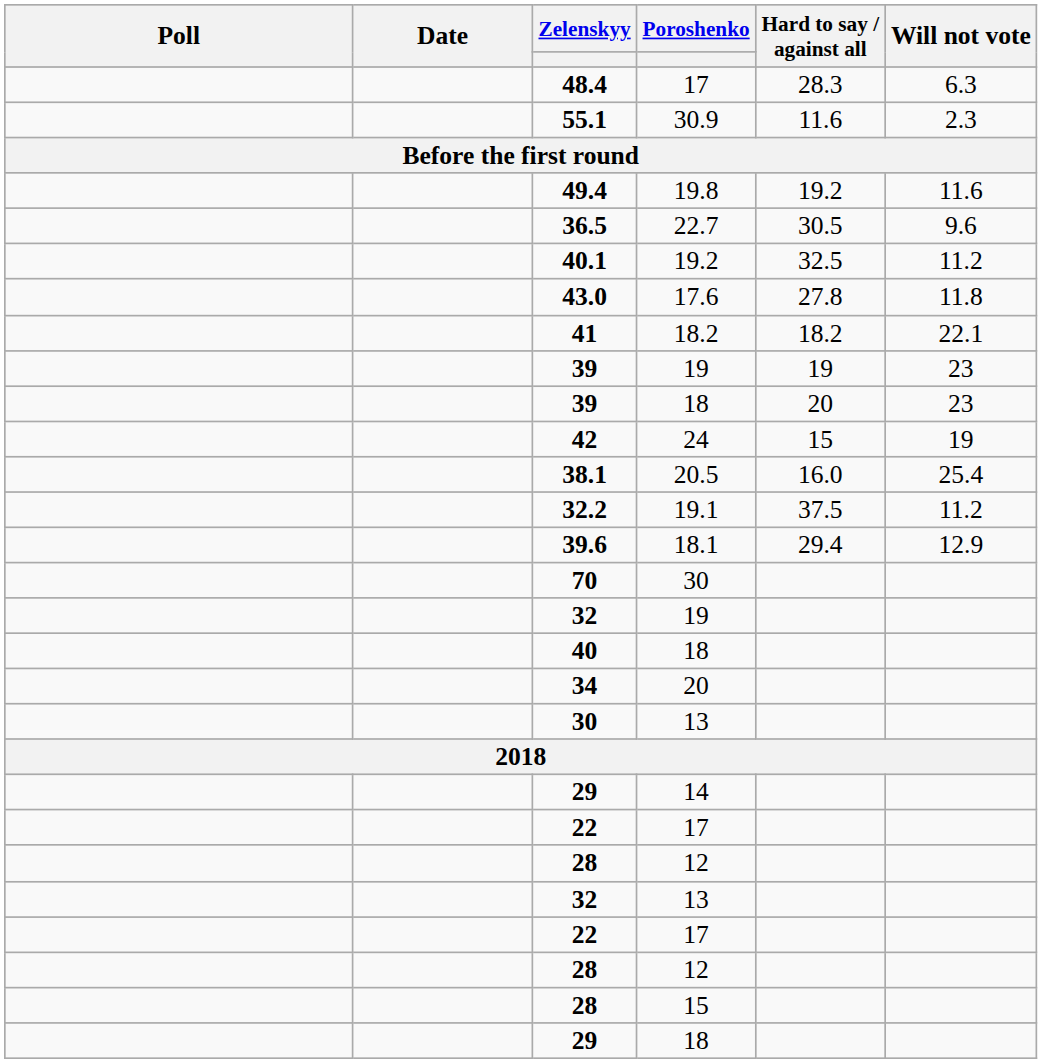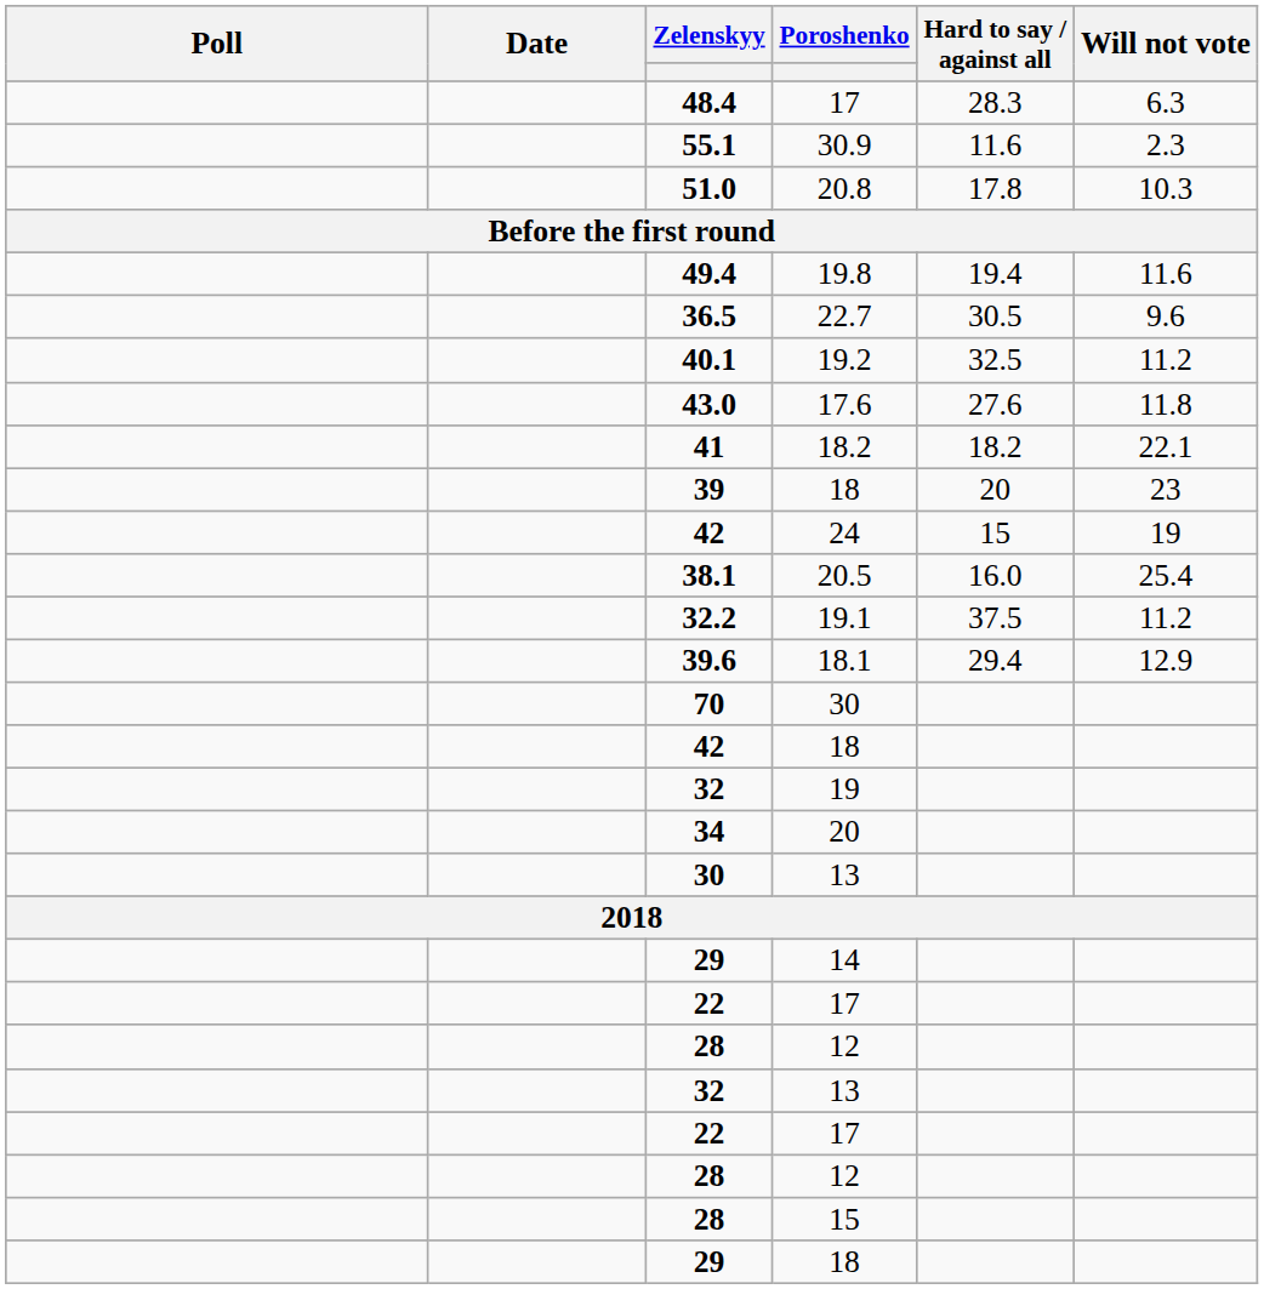 <table class="wikitable" style="text-align:center;font-size:95%;line-height:14px;">
 <tr>
 <th rowspan=2 style="width:200px;">Poll</th>
 <th rowspan=2 style="width:100px;">Date</th>
 <th><small><a href='#'>Zelenskyy</a></small><br></th>
 <th> <small><a href='#'>Poroshenko</a></small><br></th>
 <th rowspan=2><small>Hard to say /</small><br><small>against all</small></th>
 <th rowspan=2>Will not vote</th>
 </tr>
 <tr>
 <th style="background:"></th>
 <th style="background:"></th>
 </tr>
 <tr>
 <td></td>
 <td></td>
 <td style="background-color:#"><strong>48.4</strong></td>
 <td>17</td>
 <td>28.3</td>
 <td>6.3</td>
 </tr>
 <tr>
 <td></td>
 <td></td>
 <td style="background-color:#"><strong>55.1</strong></td>
 <td>30.9</td>
 <td>11.6</td>
 <td>2.3</td>
 </tr>
 <tr>
+<td></td>
+<td></td>
+<td style="background-color:#"><strong>51.0</strong></td>
+<td>20.8</td>
+<td>17.8</td>
+<td>10.3</td>
+</tr>
+<tr>
 <th colspan="6">Before the first round</th>
 </tr>
 <tr>
 <td></td>
 <td></td>
 <td style="background-color:#"><strong>49.4</strong></td>
 <td>19.8</td>
-<td>19.2</td>
+<td>19.4</td>
 <td>11.6</td>
 </tr>
 <tr>
 <td></td>
 <td></td>
 <td style="background-color:#"><strong>36.5</strong></td>
 <td>22.7</td>
 <td>30.5</td>
 <td>9.6</td>
 </tr>
 <tr>
 <td></td>
 <td></td>
 <td style="background-color:#"><strong>40.1</strong></td>
 <td>19.2</td>
 <td>32.5</td>
 <td>11.2</td>
 </tr>
 <tr>
 <td></td>
 <td></td>
 <td style="background-color:#"><strong>43.0</strong></td>
 <td>17.6</td>
-<td>27.8</td>
+<td>27.6</td>
 <td>11.8</td>
 </tr>
 <tr>
 <td> </td>
 <td></td>
 <td style="background-color:#"><strong>41</strong></td>
 <td>18.2</td>
 <td>18.2</td>
 <td>22.1</td>
-</tr>
-<tr>
-<td></td>
-<td></td>
-<td style="background-color:#"><strong>39</strong></td>
-<td>19</td>
-<td>19</td>
-<td>23</td>
 </tr>
 <tr>
 <td></td>
 <td></td>
 <td style="background-color:#"><strong>39</strong></td>
 <td>18</td>
 <td>20</td>
 <td>23</td>
 </tr>
 <tr>
 <td></td>
 <td></td>
 <td style="background-color:#"><strong>42</strong></td>
 <td>24</td>
 <td>15</td>
 <td>19</td>
 </tr>
 <tr>
 <td></td>
 <td></td>
 <td style="background-color:#"><strong>38.1</strong></td>
 <td>20.5</td>
 <td>16.0</td>
 <td>25.4</td>
 </tr>
 <tr>
 <td></td>
 <td></td>
 <td style="background-color:#"><strong>32.2</strong></td>
 <td>19.1</td>
 <td style="background-color:#">37.5</td>
 <td>11.2</td>
 </tr>
 <tr>
 <td></td>
 <td></td>
 <td style="background-color:#"><strong>39.6</strong></td>
 <td>18.1</td>
 <td>29.4</td>
 <td>12.9</td>
 </tr>
 <tr>
 <td></td>
 <td></td>
 <td style="background-color:#"><strong>70</strong></td>
 <td>30</td>
 <td></td>
 <td></td>
 </tr>
 <tr>
 <td></td>
 <td></td>
-<td style="background-color:#"><strong>32</strong></td>
-<td>19</td>
+<td style="background-color:#"><strong>42</strong></td>
+<td>18</td>
 <td></td>
 <td></td>
 </tr>
 <tr>
 <td></td>
 <td></td>
-<td style="background-color:#"><strong>40</strong></td>
-<td>18</td>
+<td style="background-color:#"><strong>32</strong></td>
+<td>19</td>
 <td></td>
 <td></td>
 </tr>
 <tr>
 <td></td>
 <td></td>
 <td style="background-color:#"><strong>34</strong></td>
 <td>20</td>
 <td></td>
 <td></td>
 </tr>
 <tr>
 <td></td>
 <td></td>
 <td style="background-color:#"><strong>30</strong></td>
 <td>13</td>
 <td></td>
 <td></td>
 </tr>
 <tr>
 <th colspan=6>2018</th>
 </tr>
 <tr>
 <td></td>
 <td></td>
 <td style="background-color:#"><strong>29</strong></td>
 <td>14</td>
 <td></td>
 <td></td>
 </tr>
 <tr>
 <td></td>
 <td></td>
 <td style="background-color:#"><strong>22</strong></td>
 <td>17</td>
 <td></td>
 <td></td>
 </tr>
 <tr>
 <td></td>
 <td></td>
 <td style="background-color:#"><strong>28</strong></td>
 <td>12</td>
 <td></td>
 <td></td>
 </tr>
 <tr>
 <td> </td>
 <td></td>
 <td style="background-color:#"><strong>32</strong></td>
 <td>13</td>
 <td></td>
 <td></td>
 </tr>
 <tr>
 <td></td>
 <td></td>
 <td style="background-color:#"><strong>22</strong></td>
 <td>17</td>
 <td></td>
 <td></td>
 </tr>
 <tr>
 <td></td>
 <td></td>
 <td style="background-color:#"><strong>28</strong></td>
 <td>12</td>
 <td></td>
 <td></td>
 </tr>
 <tr>
 <td></td>
 <td></td>
 <td style="background-color:#"><strong>28</strong></td>
 <td>15</td>
 <td></td>
 <td></td>
 </tr>
 <tr>
 <td> </td>
 <td></td>
 <td style="background-color:#"><strong>29</strong></td>
 <td>18</td>
 <td></td>
 <td></td>
 </tr>
 </table>
